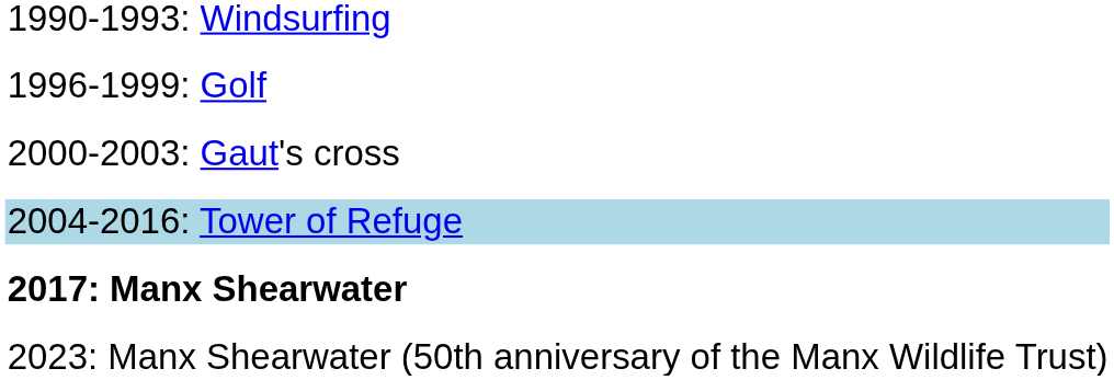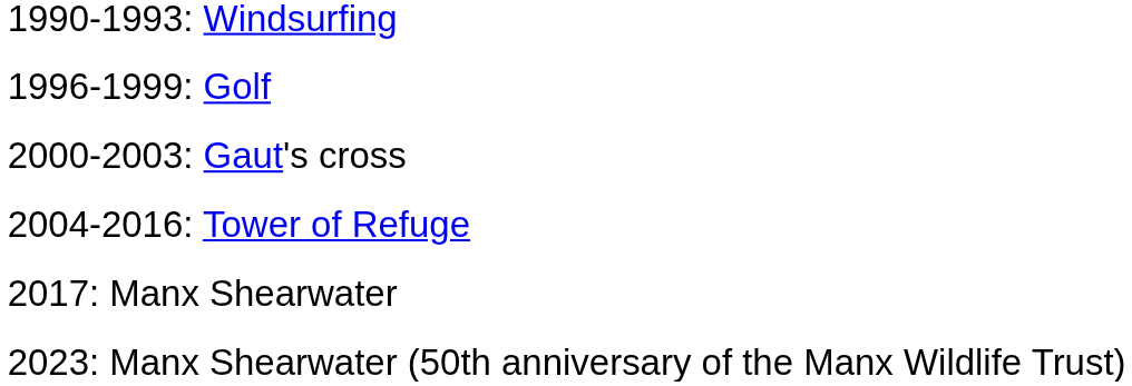 <table cellspacing="10px">
 <tr valign="top">
 <td>1990-1993: <a href='#'>Windsurfing</a><br></td>
 </tr>
 <tr valign="top">
 <td>1996-1999: <a href='#'>Golf</a><br></td>
 </tr>
 <tr valign="top">
 <td>2000-2003: <a href='#'>Gaut</a>'s cross<br></td>
 </tr>
 <tr valign="top">
-<td style="background: lightblue;">2004-2016: <a href='#'>Tower of Refuge</a><br></td>
+<td>2004-2016: <a href='#'>Tower of Refuge</a><br></td>
 </tr>
 <tr valign="top">
-<td><strong>2017: Manx Shearwater</strong></td>
+<td>2017: Manx Shearwater</td>
 </tr>
 <tr valign="top">
 <td>2023: Manx Shearwater (50th anniversary of the Manx Wildlife Trust)</td>
 </tr>
 </table>
